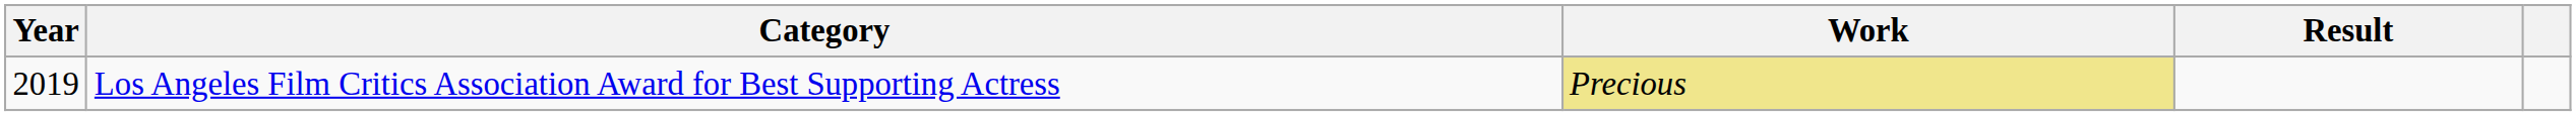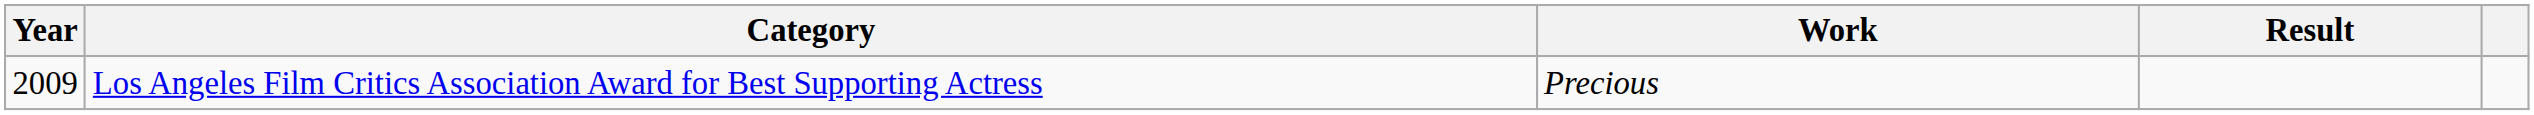 <table class="wikitable">
 <tr>
 <th scope="col" style="width:1em;">Year</th>
 <th scope="col" style="width:44em;">Category</th>
 <th scope="col" style="width:18em;">Work</th>
 <th scope="col" style="width:10em;">Result</th>
 <th class="unsortable" style="width:1em;"></th>
 </tr>
 <tr>
-<td>2019</td>
+<td>2009</td>
 <td><a href='#'>Los Angeles Film Critics Association Award for Best Supporting Actress</a></td>
-<td style="background: khaki;"><em>Precious</em></td>
+<td><em>Precious</em></td>
 <td></td>
 <td></td>
 </tr>
 </table>
